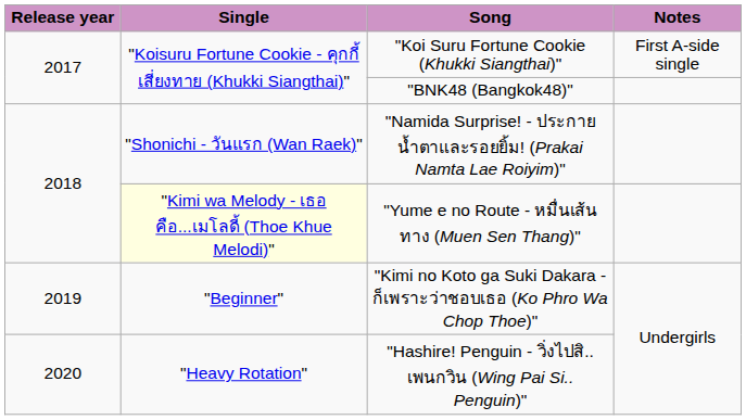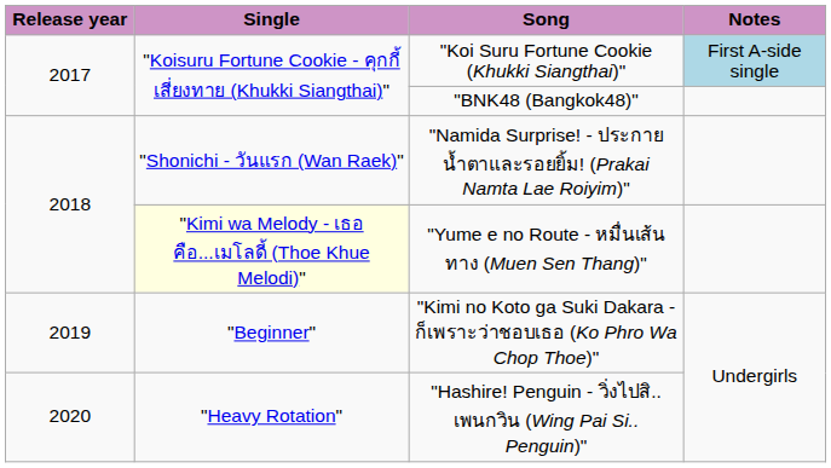 <table class="wikitable" style="text-align:center; width:700px">
 <tr>
 <th style="background:#CE94C6; width:90px">Release year</th>
 <th style="background:#CE94C6; width:200px">Single</th>
 <th style="background:#CE94C6; width:200px">Song</th>
 <th style="background:#CE94C6; width:100px">Notes</th>
 </tr>
 <tr>
 <td rowspan="2">2017</td>
 <td rowspan="2">"<a href='#'>Koisuru Fortune Cookie - คุกกี้เสี่ยงทาย (Khukki Siangthai)</a>"</td>
 <td>"Koi Suru Fortune Cookie (<em>Khukki Siangthai</em>)"</td>
-<td>First A-side single</td>
+<td style="background: lightblue;">First A-side single</td>
 </tr>
 <tr>
 <td>"BNK48 (Bangkok48)"</td>
 <td></td>
 </tr>
 <tr>
 <td rowspan="2">2018</td>
 <td>"<a href='#'>Shonichi - วันแรก (Wan Raek)</a>"</td>
 <td>"Namida Surprise! - ประกายน้ำตาและรอยยิ้ม! (<em>Prakai Namta Lae Roiyim</em>)"</td>
 <td></td>
 </tr>
 <tr>
 <td style="background: lightyellow;">"<a href='#'>Kimi wa Melody - เธอคือ...เมโลดี้ (Thoe Khue Melodi)</a>"</td>
 <td>"Yume e no Route - หมื่นเส้นทาง (<em>Muen Sen Thang</em>)"</td>
 <td></td>
 </tr>
 <tr>
 <td>2019</td>
 <td>"<a href='#'>Beginner</a>"</td>
 <td>"Kimi no Koto ga Suki Dakara - ก็เพราะว่าชอบเธอ (<em>Ko Phro Wa Chop Thoe</em>)"</td>
 <td rowspan=2>Undergirls</td>
 </tr>
 <tr>
 <td>2020</td>
 <td>"<a href='#'>Heavy Rotation</a>"</td>
 <td>"Hashire! Penguin - วิ่งไปสิ.. เพนกวิน (<em>Wing Pai Si.. Penguin</em>)"</td>
 </tr>
 </table>
